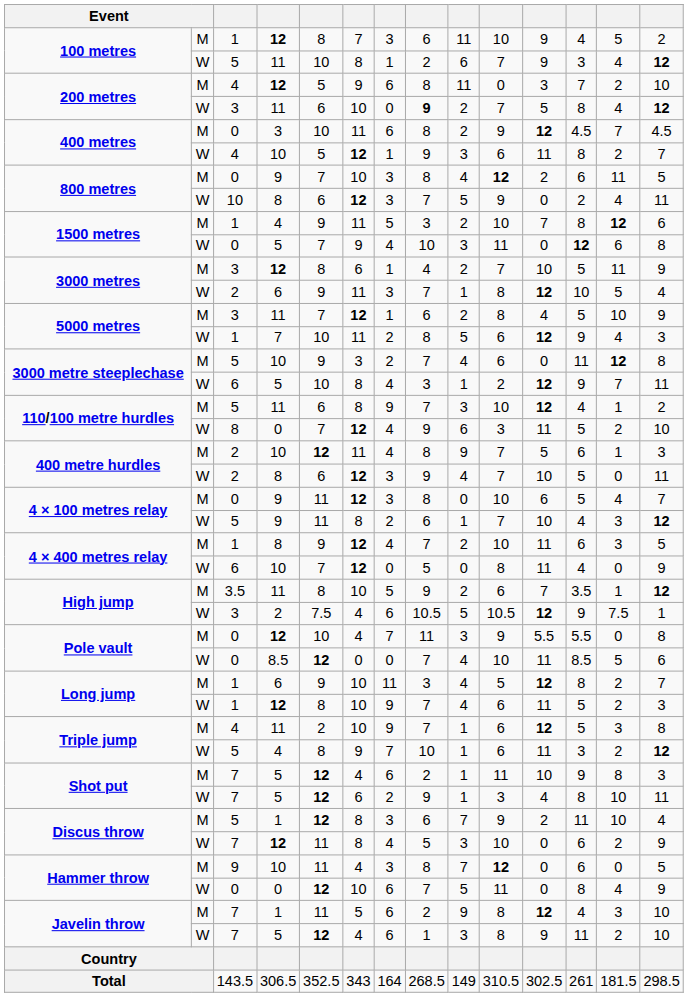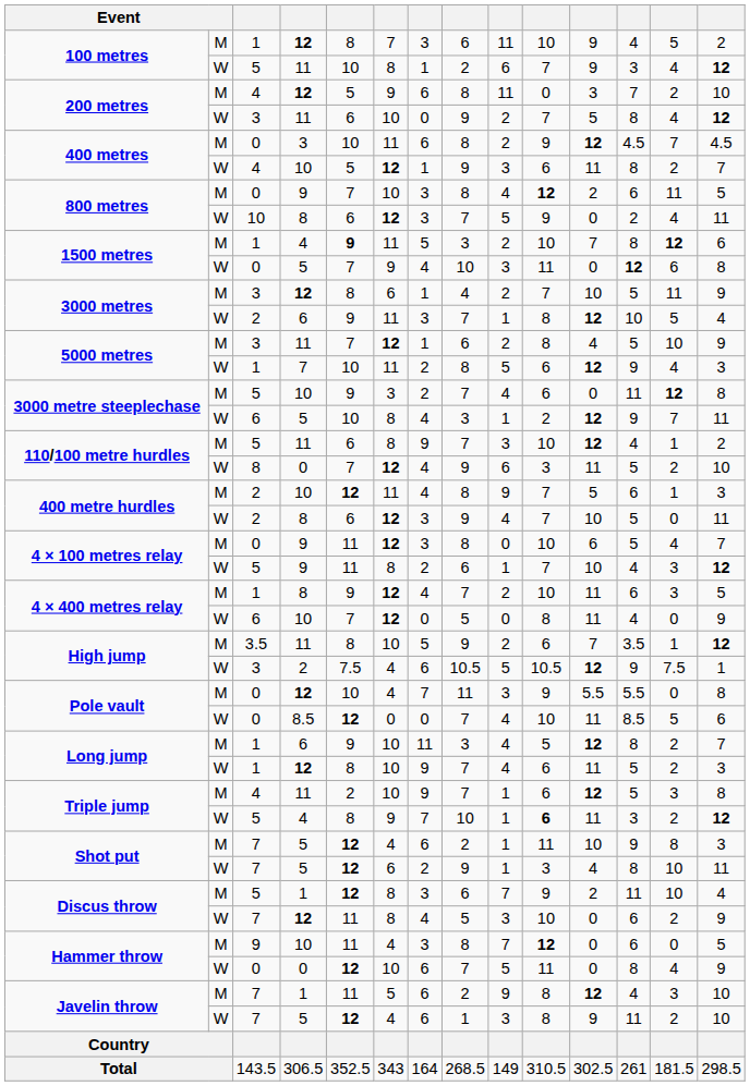 <table class="wikitable" style="background-color: #f9f9f9; font-size: 90%; text-align: center">
 <tr>
 <th width=200 colspan=2>Event</th>
 <th></th>
 <th></th>
 <th></th>
 <th></th>
 <th></th>
 <th></th>
 <th></th>
 <th></th>
 <th></th>
 <th></th>
 <th></th>
 <th></th>
 </tr>
 <tr>
 <td rowspan=2><strong><a href='#'>100 metres</a></strong></td>
 <td>M</td>
 <td>1</td>
 <td><strong>12</strong></td>
 <td>8</td>
 <td>7</td>
 <td>3</td>
 <td>6</td>
 <td>11</td>
 <td>10</td>
 <td>9</td>
 <td>4</td>
 <td>5</td>
 <td>2</td>
 </tr>
 <tr>
 <td>W</td>
 <td>5</td>
 <td>11</td>
 <td>10</td>
 <td>8</td>
 <td>1</td>
 <td>2</td>
 <td>6</td>
 <td>7</td>
 <td>9</td>
 <td>3</td>
 <td>4</td>
 <td><strong>12</strong></td>
 </tr>
 <tr>
 <td rowspan=2><strong><a href='#'>200 metres</a></strong></td>
 <td>M</td>
 <td>4</td>
 <td><strong>12</strong></td>
 <td>5</td>
 <td>9</td>
 <td>6</td>
 <td>8</td>
 <td>11</td>
 <td>0</td>
 <td>3</td>
 <td>7</td>
 <td>2</td>
 <td>10</td>
 </tr>
 <tr>
 <td>W</td>
 <td>3</td>
 <td>11</td>
 <td>6</td>
 <td>10</td>
 <td>0</td>
-<td><strong>9</strong></td>
+<td>9</td>
 <td>2</td>
 <td>7</td>
 <td>5</td>
 <td>8</td>
 <td>4</td>
 <td><strong>12</strong></td>
 </tr>
 <tr>
 <td rowspan=2><strong><a href='#'>400 metres</a></strong></td>
 <td>M</td>
 <td>0</td>
 <td>3</td>
 <td>10</td>
 <td>11</td>
 <td>6</td>
 <td>8</td>
 <td>2</td>
 <td>9</td>
 <td><strong>12</strong></td>
 <td>4.5</td>
 <td>7</td>
 <td>4.5</td>
 </tr>
 <tr>
 <td>W</td>
 <td>4</td>
 <td>10</td>
 <td>5</td>
 <td><strong>12</strong></td>
 <td>1</td>
 <td>9</td>
 <td>3</td>
 <td>6</td>
 <td>11</td>
 <td>8</td>
 <td>2</td>
 <td>7</td>
 </tr>
 <tr>
 <td rowspan=2><strong><a href='#'>800 metres</a></strong></td>
 <td>M</td>
 <td>0</td>
 <td>9</td>
 <td>7</td>
 <td>10</td>
 <td>3</td>
 <td>8</td>
 <td>4</td>
 <td><strong>12</strong></td>
 <td>2</td>
 <td>6</td>
 <td>11</td>
 <td>5</td>
 </tr>
 <tr>
 <td>W</td>
 <td>10</td>
 <td>8</td>
 <td>6</td>
 <td><strong>12</strong></td>
 <td>3</td>
 <td>7</td>
 <td>5</td>
 <td>9</td>
 <td>0</td>
 <td>2</td>
 <td>4</td>
 <td>11</td>
 </tr>
 <tr>
 <td rowspan=2><strong><a href='#'>1500 metres</a></strong></td>
 <td>M</td>
 <td>1</td>
 <td>4</td>
-<td>9</td>
+<td><strong>9</strong></td>
 <td>11</td>
 <td>5</td>
 <td>3</td>
 <td>2</td>
 <td>10</td>
 <td>7</td>
 <td>8</td>
 <td><strong>12</strong></td>
 <td>6</td>
 </tr>
 <tr>
 <td>W</td>
 <td>0</td>
 <td>5</td>
 <td>7</td>
 <td>9</td>
 <td>4</td>
 <td>10</td>
 <td>3</td>
 <td>11</td>
 <td>0</td>
 <td><strong>12</strong></td>
 <td>6</td>
 <td>8</td>
 </tr>
 <tr>
 <td rowspan=2><strong><a href='#'>3000 metres</a></strong></td>
 <td>M</td>
 <td>3</td>
 <td><strong>12</strong></td>
 <td>8</td>
 <td>6</td>
 <td>1</td>
 <td>4</td>
 <td>2</td>
 <td>7</td>
 <td>10</td>
 <td>5</td>
 <td>11</td>
 <td>9</td>
 </tr>
 <tr>
 <td>W</td>
 <td>2</td>
 <td>6</td>
 <td>9</td>
 <td>11</td>
 <td>3</td>
 <td>7</td>
 <td>1</td>
 <td>8</td>
 <td><strong>12</strong></td>
 <td>10</td>
 <td>5</td>
 <td>4</td>
 </tr>
 <tr>
 <td rowspan=2><strong><a href='#'>5000 metres</a></strong></td>
 <td>M</td>
 <td>3</td>
 <td>11</td>
 <td>7</td>
 <td><strong>12</strong></td>
 <td>1</td>
 <td>6</td>
 <td>2</td>
 <td>8</td>
 <td>4</td>
 <td>5</td>
 <td>10</td>
 <td>9</td>
 </tr>
 <tr>
 <td>W</td>
 <td>1</td>
 <td>7</td>
 <td>10</td>
 <td>11</td>
 <td>2</td>
 <td>8</td>
 <td>5</td>
 <td>6</td>
 <td><strong>12</strong></td>
 <td>9</td>
 <td>4</td>
 <td>3</td>
 </tr>
 <tr>
 <td rowspan=2><strong><a href='#'>3000 metre steeplechase</a></strong></td>
 <td>M</td>
 <td>5</td>
 <td>10</td>
 <td>9</td>
 <td>3</td>
 <td>2</td>
 <td>7</td>
 <td>4</td>
 <td>6</td>
 <td>0</td>
 <td>11</td>
 <td><strong>12</strong></td>
 <td>8</td>
 </tr>
 <tr>
 <td>W</td>
 <td>6</td>
 <td>5</td>
 <td>10</td>
 <td>8</td>
 <td>4</td>
 <td>3</td>
 <td>1</td>
 <td>2</td>
 <td><strong>12</strong></td>
 <td>9</td>
 <td>7</td>
 <td>11</td>
 </tr>
 <tr>
 <td rowspan=2><strong><a href='#'>110</a>/<a href='#'>100 metre hurdles</a></strong></td>
 <td>M</td>
 <td>5</td>
 <td>11</td>
 <td>6</td>
 <td>8</td>
 <td>9</td>
 <td>7</td>
 <td>3</td>
 <td>10</td>
 <td><strong>12</strong></td>
 <td>4</td>
 <td>1</td>
 <td>2</td>
 </tr>
 <tr>
 <td>W</td>
 <td>8</td>
 <td>0</td>
 <td>7</td>
 <td><strong>12</strong></td>
 <td>4</td>
 <td>9</td>
 <td>6</td>
 <td>3</td>
 <td>11</td>
 <td>5</td>
 <td>2</td>
 <td>10</td>
 </tr>
 <tr>
 <td rowspan=2><strong><a href='#'>400 metre hurdles</a></strong></td>
 <td>M</td>
 <td>2</td>
 <td>10</td>
 <td><strong>12</strong></td>
 <td>11</td>
 <td>4</td>
 <td>8</td>
 <td>9</td>
 <td>7</td>
 <td>5</td>
 <td>6</td>
 <td>1</td>
 <td>3</td>
 </tr>
 <tr>
 <td>W</td>
 <td>2</td>
 <td>8</td>
 <td>6</td>
 <td><strong>12</strong></td>
 <td>3</td>
 <td>9</td>
 <td>4</td>
 <td>7</td>
 <td>10</td>
 <td>5</td>
 <td>0</td>
 <td>11</td>
 </tr>
 <tr>
 <td rowspan=2><strong><a href='#'>4 × 100 metres relay</a></strong></td>
 <td>M</td>
 <td>0</td>
 <td>9</td>
 <td>11</td>
 <td><strong>12</strong></td>
 <td>3</td>
 <td>8</td>
 <td>0</td>
 <td>10</td>
 <td>6</td>
 <td>5</td>
 <td>4</td>
 <td>7</td>
 </tr>
 <tr>
 <td>W</td>
 <td>5</td>
 <td>9</td>
 <td>11</td>
 <td>8</td>
 <td>2</td>
 <td>6</td>
 <td>1</td>
 <td>7</td>
 <td>10</td>
 <td>4</td>
 <td>3</td>
 <td><strong>12</strong></td>
 </tr>
 <tr>
 <td rowspan=2><strong><a href='#'>4 × 400 metres relay</a></strong></td>
 <td>M</td>
 <td>1</td>
 <td>8</td>
 <td>9</td>
 <td><strong>12</strong></td>
 <td>4</td>
 <td>7</td>
 <td>2</td>
 <td>10</td>
 <td>11</td>
 <td>6</td>
 <td>3</td>
 <td>5</td>
 </tr>
 <tr>
 <td>W</td>
 <td>6</td>
 <td>10</td>
 <td>7</td>
 <td><strong>12</strong></td>
 <td>0</td>
 <td>5</td>
 <td>0</td>
 <td>8</td>
 <td>11</td>
 <td>4</td>
 <td>0</td>
 <td>9</td>
 </tr>
 <tr>
 <td rowspan=2><strong><a href='#'>High jump</a></strong></td>
 <td>M</td>
 <td>3.5</td>
 <td>11</td>
 <td>8</td>
 <td>10</td>
 <td>5</td>
 <td>9</td>
 <td>2</td>
 <td>6</td>
 <td>7</td>
 <td>3.5</td>
 <td>1</td>
 <td><strong>12</strong></td>
 </tr>
 <tr>
 <td>W</td>
 <td>3</td>
 <td>2</td>
 <td>7.5</td>
 <td>4</td>
 <td>6</td>
 <td>10.5</td>
 <td>5</td>
 <td>10.5</td>
 <td><strong>12</strong></td>
 <td>9</td>
 <td>7.5</td>
 <td>1</td>
 </tr>
 <tr>
 <td rowspan=2><strong><a href='#'>Pole vault</a></strong></td>
 <td>M</td>
 <td>0</td>
 <td><strong>12</strong></td>
 <td>10</td>
 <td>4</td>
 <td>7</td>
 <td>11</td>
 <td>3</td>
 <td>9</td>
 <td>5.5</td>
 <td>5.5</td>
 <td>0</td>
 <td>8</td>
 </tr>
 <tr>
 <td>W</td>
 <td>0</td>
 <td>8.5</td>
 <td><strong>12</strong></td>
 <td>0</td>
 <td>0</td>
 <td>7</td>
 <td>4</td>
 <td>10</td>
 <td>11</td>
 <td>8.5</td>
 <td>5</td>
 <td>6</td>
 </tr>
 <tr>
 <td rowspan=2><strong><a href='#'>Long jump</a></strong></td>
 <td>M</td>
 <td>1</td>
 <td>6</td>
 <td>9</td>
 <td>10</td>
 <td>11</td>
 <td>3</td>
 <td>4</td>
 <td>5</td>
 <td><strong>12</strong></td>
 <td>8</td>
 <td>2</td>
 <td>7</td>
 </tr>
 <tr>
 <td>W</td>
 <td>1</td>
 <td><strong>12</strong></td>
 <td>8</td>
 <td>10</td>
 <td>9</td>
 <td>7</td>
 <td>4</td>
 <td>6</td>
 <td>11</td>
 <td>5</td>
 <td>2</td>
 <td>3</td>
 </tr>
 <tr>
 <td rowspan=2><strong><a href='#'>Triple jump</a></strong></td>
 <td>M</td>
 <td>4</td>
 <td>11</td>
 <td>2</td>
 <td>10</td>
 <td>9</td>
 <td>7</td>
 <td>1</td>
 <td>6</td>
 <td><strong>12</strong></td>
 <td>5</td>
 <td>3</td>
 <td>8</td>
 </tr>
 <tr>
 <td>W</td>
 <td>5</td>
 <td>4</td>
 <td>8</td>
 <td>9</td>
 <td>7</td>
 <td>10</td>
 <td>1</td>
-<td>6</td>
+<td><strong>6</strong></td>
 <td>11</td>
 <td>3</td>
 <td>2</td>
 <td><strong>12</strong></td>
 </tr>
 <tr>
 <td rowspan=2><strong><a href='#'>Shot put</a></strong></td>
 <td>M</td>
 <td>7</td>
 <td>5</td>
 <td><strong>12</strong></td>
 <td>4</td>
 <td>6</td>
 <td>2</td>
 <td>1</td>
 <td>11</td>
 <td>10</td>
 <td>9</td>
 <td>8</td>
 <td>3</td>
 </tr>
 <tr>
 <td>W</td>
 <td>7</td>
 <td>5</td>
 <td><strong>12</strong></td>
 <td>6</td>
 <td>2</td>
 <td>9</td>
 <td>1</td>
 <td>3</td>
 <td>4</td>
 <td>8</td>
 <td>10</td>
 <td>11</td>
 </tr>
 <tr>
 <td rowspan=2><strong><a href='#'>Discus throw</a></strong></td>
 <td>M</td>
 <td>5</td>
 <td>1</td>
 <td><strong>12</strong></td>
 <td>8</td>
 <td>3</td>
 <td>6</td>
 <td>7</td>
 <td>9</td>
 <td>2</td>
 <td>11</td>
 <td>10</td>
 <td>4</td>
 </tr>
 <tr>
 <td>W</td>
 <td>7</td>
 <td><strong>12</strong></td>
 <td>11</td>
 <td>8</td>
 <td>4</td>
 <td>5</td>
 <td>3</td>
 <td>10</td>
 <td>0</td>
 <td>6</td>
 <td>2</td>
 <td>9</td>
 </tr>
 <tr>
 <td rowspan=2><strong><a href='#'>Hammer throw</a></strong></td>
 <td>M</td>
 <td>9</td>
 <td>10</td>
 <td>11</td>
 <td>4</td>
 <td>3</td>
 <td>8</td>
 <td>7</td>
 <td><strong>12</strong></td>
 <td>0</td>
 <td>6</td>
 <td>0</td>
 <td>5</td>
 </tr>
 <tr>
 <td>W</td>
 <td>0</td>
 <td>0</td>
 <td><strong>12</strong></td>
 <td>10</td>
 <td>6</td>
 <td>7</td>
 <td>5</td>
 <td>11</td>
 <td>0</td>
 <td>8</td>
 <td>4</td>
 <td>9</td>
 </tr>
 <tr>
 <td rowspan=2><strong><a href='#'>Javelin throw</a></strong></td>
 <td>M</td>
 <td>7</td>
 <td>1</td>
 <td>11</td>
 <td>5</td>
 <td>6</td>
 <td>2</td>
 <td>9</td>
 <td>8</td>
 <td><strong>12</strong></td>
 <td>4</td>
 <td>3</td>
 <td>10</td>
 </tr>
 <tr>
 <td>W</td>
 <td>7</td>
 <td>5</td>
 <td><strong>12</strong></td>
 <td>4</td>
 <td>6</td>
 <td>1</td>
 <td>3</td>
 <td>8</td>
 <td>9</td>
 <td>11</td>
 <td>2</td>
 <td>10</td>
 </tr>
 <tr>
 <th colspan=2>Country</th>
 <th></th>
 <th></th>
 <th></th>
 <th></th>
 <th></th>
 <th></th>
 <th></th>
 <th></th>
 <th></th>
 <th></th>
 <th></th>
 <th></th>
 </tr>
 <tr>
 <th colspan=2>Total</th>
 <td>143.5</td>
 <td>306.5</td>
 <td>352.5</td>
 <td>343</td>
 <td>164</td>
 <td>268.5</td>
 <td>149</td>
 <td>310.5</td>
 <td>302.5</td>
 <td>261</td>
 <td>181.5</td>
 <td>298.5</td>
 </tr>
 </table>
